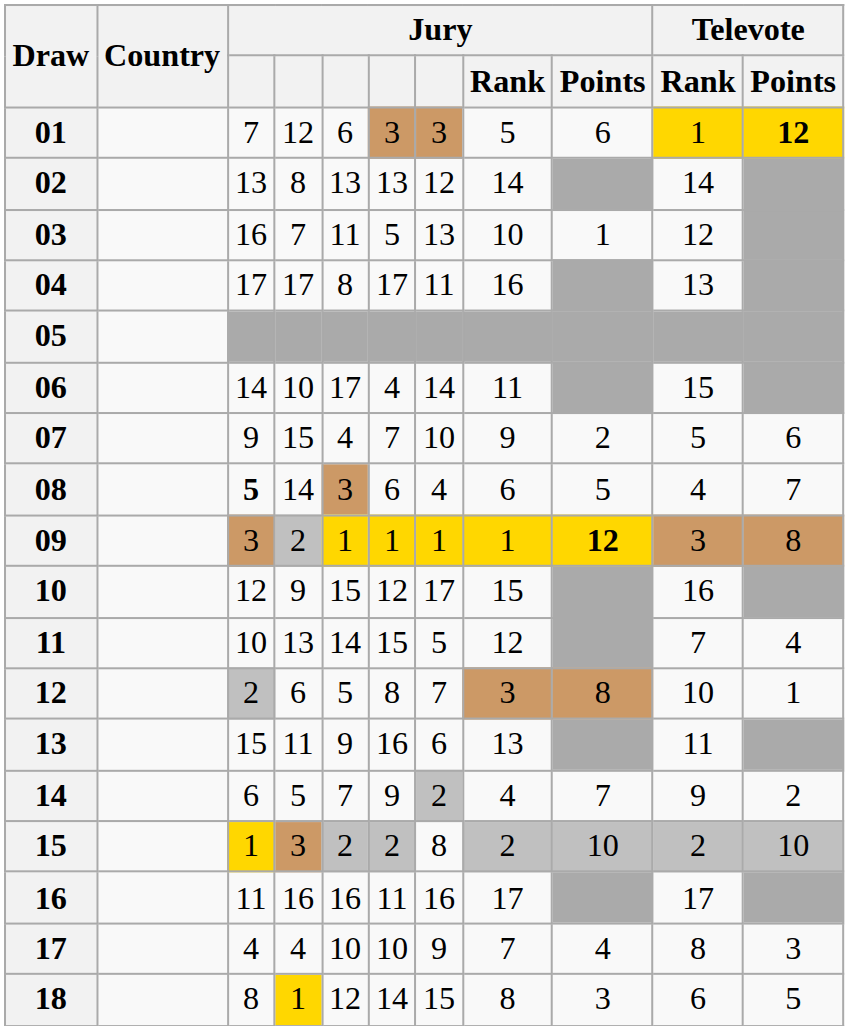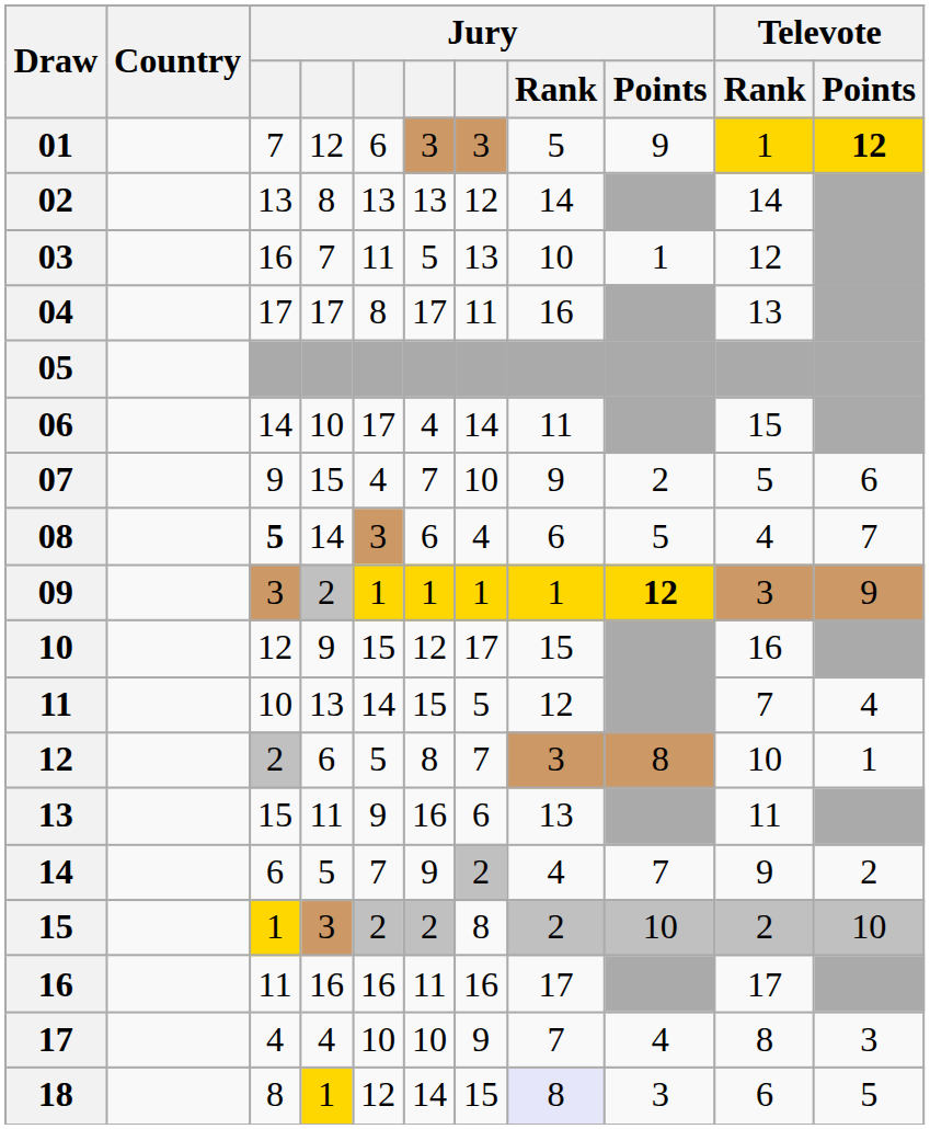 <table class="sortable wikitable collapsible plainrowheaders" style="text-align:center;">
 <tr>
 </tr>
 <tr>
 <th scope="col" rowspan="2">Draw</th>
 <th scope="col" rowspan="2">Country</th>
 <th scope="col" colspan="7">Jury</th>
 <th scope="col" colspan="2">Televote</th>
 </tr>
 <tr>
 <th scope="col"><small></small></th>
 <th scope="col"><small></small></th>
 <th scope="col"><small></small></th>
 <th scope="col"><small></small></th>
 <th scope="col"><small></small></th>
 <th scope="col">Rank</th>
 <th scope="col">Points</th>
 <th scope="col">Rank</th>
 <th scope="col">Points</th>
 </tr>
 <tr>
 <th scope="row" style="text-align:center;">01</th>
 <td style="text-align:left;"></td>
 <td>7</td>
 <td>12</td>
 <td>6</td>
 <td style="background:#CC9966;">3</td>
 <td style="background:#CC9966;">3</td>
 <td>5</td>
-<td>6</td>
+<td>9</td>
 <td style="background:gold;">1</td>
 <td style="background:gold;"><strong>12</strong></td>
 </tr>
 <tr>
 <th scope="row" style="text-align:center;">02</th>
 <td style="text-align:left;"></td>
 <td>13</td>
 <td>8</td>
 <td>13</td>
 <td>13</td>
 <td>12</td>
 <td>14</td>
 <td style="background:#AAAAAA;"></td>
 <td>14</td>
 <td style="background:#AAAAAA;"></td>
 </tr>
 <tr>
 <th scope="row" style="text-align:center;">03</th>
 <td style="text-align:left;"></td>
 <td>16</td>
 <td>7</td>
 <td>11</td>
 <td>5</td>
 <td>13</td>
 <td>10</td>
 <td>1</td>
 <td>12</td>
 <td style="background:#AAAAAA;"></td>
 </tr>
 <tr>
 <th scope="row" style="text-align:center;">04</th>
 <td style="text-align:left;"></td>
 <td>17</td>
 <td>17</td>
 <td>8</td>
 <td>17</td>
 <td>11</td>
 <td>16</td>
 <td style="background:#AAAAAA;"></td>
 <td>13</td>
 <td style="background:#AAAAAA;"></td>
 </tr>
 <tr class="sortbottom">
 <th scope="row" style="text-align:center;">05</th>
 <td style="text-align:left;"></td>
 <td style="background:#AAAAAA;"></td>
 <td style="background:#AAAAAA;"></td>
 <td style="background:#AAAAAA;"></td>
 <td style="background:#AAAAAA;"></td>
 <td style="background:#AAAAAA;"></td>
 <td style="background:#AAAAAA;"></td>
 <td style="background:#AAAAAA;"></td>
 <td style="background:#AAAAAA;"></td>
 <td style="background:#AAAAAA;"></td>
 </tr>
 <tr>
 <th scope="row" style="text-align:center;">06</th>
 <td style="text-align:left;"></td>
 <td>14</td>
 <td>10</td>
 <td>17</td>
 <td>4</td>
 <td>14</td>
 <td>11</td>
 <td style="background:#AAAAAA;"></td>
 <td>15</td>
 <td style="background:#AAAAAA;"></td>
 </tr>
 <tr>
 <th scope="row" style="text-align:center;">07</th>
 <td style="text-align:left;"></td>
 <td>9</td>
 <td>15</td>
 <td>4</td>
 <td>7</td>
 <td>10</td>
 <td>9</td>
 <td>2</td>
 <td>5</td>
 <td>6</td>
 </tr>
 <tr>
 <th scope="row" style="text-align:center;">08</th>
 <td style="text-align:left;"></td>
 <td><strong>5</strong></td>
 <td>14</td>
 <td style="background:#CC9966;">3</td>
 <td>6</td>
 <td>4</td>
 <td>6</td>
 <td>5</td>
 <td>4</td>
 <td>7</td>
 </tr>
 <tr>
 <th scope="row" style="text-align:center;">09</th>
 <td style="text-align:left;"></td>
 <td style="background:#CC9966;">3</td>
 <td style="background:silver;">2</td>
 <td style="background:gold;">1</td>
 <td style="background:gold;">1</td>
 <td style="background:gold;">1</td>
 <td style="background:gold;">1</td>
 <td style="background:gold;"><strong>12</strong></td>
 <td style="background:#CC9966;">3</td>
-<td style="background:#CC9966;">8</td>
+<td style="background:#CC9966;">9</td>
 </tr>
 <tr>
 <th scope="row" style="text-align:center;">10</th>
 <td style="text-align:left;"></td>
 <td>12</td>
 <td>9</td>
 <td>15</td>
 <td>12</td>
 <td>17</td>
 <td>15</td>
 <td style="background:#AAAAAA;"></td>
 <td>16</td>
 <td style="background:#AAAAAA;"></td>
 </tr>
 <tr>
 <th scope="row" style="text-align:center;">11</th>
 <td style="text-align:left;"></td>
 <td>10</td>
 <td>13</td>
 <td>14</td>
 <td>15</td>
 <td>5</td>
 <td>12</td>
 <td style="background:#AAAAAA;"></td>
 <td>7</td>
 <td>4</td>
 </tr>
 <tr>
 <th scope="row" style="text-align:center;">12</th>
 <td style="text-align:left;"></td>
 <td style="background:silver;">2</td>
 <td>6</td>
 <td>5</td>
 <td>8</td>
 <td>7</td>
 <td style="background:#CC9966;">3</td>
 <td style="background:#CC9966;">8</td>
 <td>10</td>
 <td>1</td>
 </tr>
 <tr>
 <th scope="row" style="text-align:center;">13</th>
 <td style="text-align:left;"></td>
 <td>15</td>
 <td>11</td>
 <td>9</td>
 <td>16</td>
 <td>6</td>
 <td>13</td>
 <td style="background:#AAAAAA;"></td>
 <td>11</td>
 <td style="background:#AAAAAA;"></td>
 </tr>
 <tr>
 <th scope="row" style="text-align:center;">14</th>
 <td style="text-align:left;"></td>
 <td>6</td>
 <td>5</td>
 <td>7</td>
 <td>9</td>
 <td style="background:silver;">2</td>
 <td>4</td>
 <td>7</td>
 <td>9</td>
 <td>2</td>
 </tr>
 <tr>
 <th scope="row" style="text-align:center;">15</th>
 <td style="text-align:left;"></td>
 <td style="background:gold;">1</td>
 <td style="background:#CC9966;">3</td>
 <td style="background:silver;">2</td>
 <td style="background:silver;">2</td>
 <td>8</td>
 <td style="background:silver;">2</td>
 <td style="background:silver;">10</td>
 <td style="background:silver;">2</td>
 <td style="background:silver;">10</td>
 </tr>
 <tr>
 <th scope="row" style="text-align:center;">16</th>
 <td style="text-align:left;"></td>
 <td>11</td>
 <td>16</td>
 <td>16</td>
 <td>11</td>
 <td>16</td>
 <td>17</td>
 <td style="background:#AAAAAA;"></td>
 <td>17</td>
 <td style="background:#AAAAAA;"></td>
 </tr>
 <tr>
 <th scope="row" style="text-align:center;">17</th>
 <td style="text-align:left;"></td>
 <td>4</td>
 <td>4</td>
 <td>10</td>
 <td>10</td>
 <td>9</td>
 <td>7</td>
 <td>4</td>
 <td>8</td>
 <td>3</td>
 </tr>
 <tr>
 <th scope="row" style="text-align:center;">18</th>
 <td style="text-align:left;"></td>
 <td>8</td>
 <td style="background:gold;">1</td>
 <td>12</td>
 <td>14</td>
 <td>15</td>
-<td>8</td>
+<td style="background: lavender;">8</td>
 <td>3</td>
 <td>6</td>
 <td>5</td>
 </tr>
 </table>
